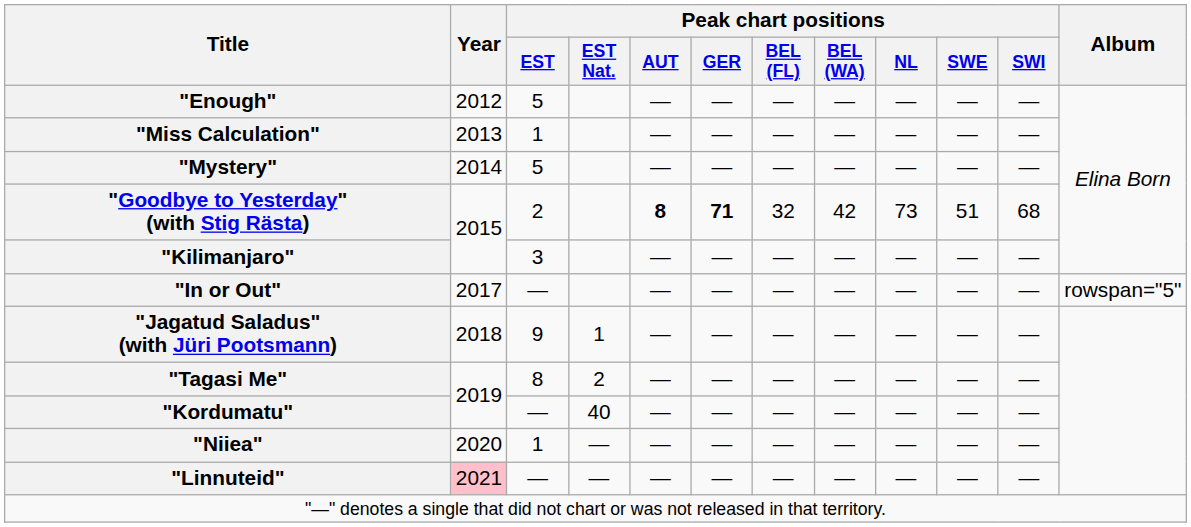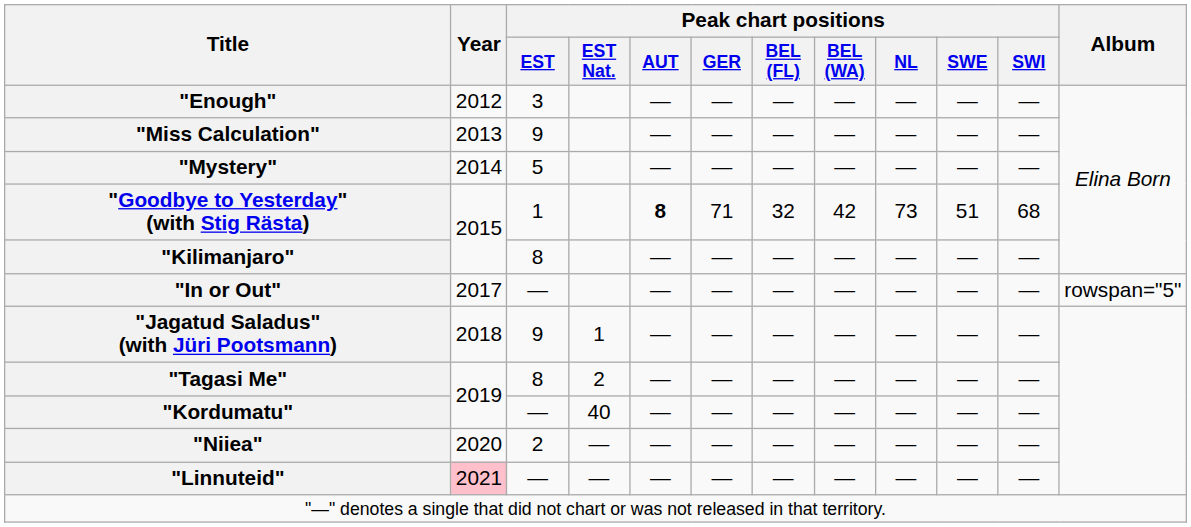 <table class="wikitable plainrowheaders" style="text-align:center;">
 <tr>
 <th scope="col" rowspan="2" style="width:21em;">Title</th>
 <th scope="col" rowspan="2" style="width:1em;">Year</th>
 <th scope="col" colspan="9">Peak chart positions</th>
 <th scope="col" rowspan="2">Album</th>
 </tr>
 <tr>
 <th scope="col" style="width:3em;font-size:85%;"><a href='#'>EST</a><br></th>
 <th scope="col" style="width:3em;font-size:85%;"><a href='#'>EST Nat.</a><br></th>
 <th scope="col" style="width:3em;font-size:85%;"><a href='#'>AUT</a><br></th>
 <th scope="col" style="width:3em;font-size:85%;"><a href='#'>GER</a><br></th>
 <th scope="col" style="width:3em;font-size:85%;"><a href='#'>BEL<br>(FL)</a><br></th>
 <th scope="col" style="width:3em;font-size:85%;"><a href='#'>BEL<br>(WA)</a><br></th>
 <th scope="col" style="width:3em;font-size:85%;"><a href='#'>NL</a><br></th>
 <th scope="col" style="width:3em;font-size:85%;"><a href='#'>SWE</a><br></th>
 <th scope="col" style="width:3em;font-size:85%;"><a href='#'>SWI</a><br></th>
 </tr>
 <tr>
 <th scope="row">"Enough"</th>
 <td>2012</td>
-<td>5</td>
+<td>3</td>
 <td></td>
 <td>—</td>
 <td>—</td>
 <td>—</td>
 <td>—</td>
 <td>—</td>
 <td>—</td>
 <td>—</td>
 <td rowspan="5"><em>Elina Born</em></td>
 </tr>
 <tr>
 <th scope="row">"Miss Calculation"</th>
 <td>2013</td>
-<td>1</td>
+<td>9</td>
 <td></td>
 <td>—</td>
 <td>—</td>
 <td>—</td>
 <td>—</td>
 <td>—</td>
 <td>—</td>
 <td>—</td>
 </tr>
 <tr>
 <th scope="row">"Mystery"</th>
 <td>2014</td>
 <td>5</td>
 <td></td>
 <td>—</td>
 <td>—</td>
 <td>—</td>
 <td>—</td>
 <td>—</td>
 <td>—</td>
 <td>—</td>
 </tr>
 <tr>
 <th scope="row">"<a href='#'>Goodbye to Yesterday</a>"<br><span>(with <a href='#'>Stig Rästa</a>)</span></th>
 <td rowspan="2">2015</td>
-<td>2</td>
+<td>1</td>
 <td></td>
 <td><strong>8</strong></td>
-<td><strong>71</strong></td>
+<td>71</td>
 <td>32</td>
 <td>42</td>
 <td>73</td>
 <td>51</td>
 <td>68</td>
 </tr>
 <tr>
 <th scope="row">"Kilimanjaro"</th>
-<td>3</td>
+<td>8</td>
 <td></td>
 <td>—</td>
 <td>—</td>
 <td>—</td>
 <td>—</td>
 <td>—</td>
 <td>—</td>
 <td>—</td>
 </tr>
 <tr>
 <th scope="row">"In or Out"</th>
 <td>2017</td>
 <td>—</td>
 <td></td>
 <td>—</td>
 <td>—</td>
 <td>—</td>
 <td>—</td>
 <td>—</td>
 <td>—</td>
 <td>—</td>
 <td>rowspan="5" </td>
 </tr>
 <tr>
 <th scope="row">"Jagatud Saladus"<br><span>(with <a href='#'>Jüri Pootsmann</a>)</span></th>
 <td>2018</td>
 <td>9</td>
 <td>1</td>
 <td>—</td>
 <td>—</td>
 <td>—</td>
 <td>—</td>
 <td>—</td>
 <td>—</td>
 <td>—</td>
 </tr>
 <tr>
 <th scope="row">"Tagasi Me"</th>
 <td rowspan="2">2019</td>
 <td>8</td>
 <td>2</td>
 <td>—</td>
 <td>—</td>
 <td>—</td>
 <td>—</td>
 <td>—</td>
 <td>—</td>
 <td>—</td>
 </tr>
 <tr>
 <th scope="row">"Kordumatu"</th>
 <td>—</td>
 <td>40</td>
 <td>—</td>
 <td>—</td>
 <td>—</td>
 <td>—</td>
 <td>—</td>
 <td>—</td>
 <td>—</td>
 </tr>
 <tr>
 <th scope="row">"Niiea"</th>
 <td>2020</td>
-<td>1</td>
+<td>2</td>
 <td>—</td>
 <td>—</td>
 <td>—</td>
 <td>—</td>
 <td>—</td>
 <td>—</td>
 <td>—</td>
 <td>—</td>
 </tr>
 <tr>
 <th scope="row">"Linnuteid"</th>
 <td style="background: pink;">2021</td>
 <td>—</td>
 <td>—</td>
 <td>—</td>
 <td>—</td>
 <td>—</td>
 <td>—</td>
 <td>—</td>
 <td>—</td>
 <td>—</td>
 </tr>
 <tr>
 <td colspan="20" style="font-size:85%">"—" denotes a single that did not chart or was not released in that territory.</td>
 </tr>
 </table>
